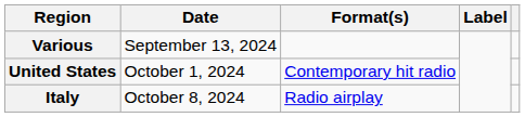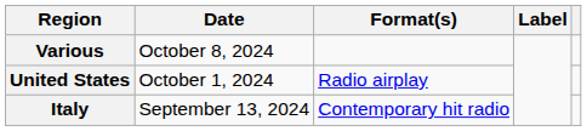 <table class="wikitable plainrowheaders">
 <tr>
 <th scope="col">Region</th>
 <th scope="col">Date</th>
 <th scope="col">Format(s)</th>
 <th scope="col">Label</th>
 <th scope="col"></th>
 </tr>
 <tr>
 <th scope="row">Various</th>
-<td>September 13, 2024</td>
+<td>October 8, 2024</td>
 <td></td>
 <td rowspan="3"></td>
 <td style="text-align:center"></td>
 </tr>
 <tr>
 <th scope="row">United States</th>
 <td>October 1, 2024</td>
-<td><a href='#'>Contemporary hit radio</a></td>
+<td><a href='#'>Radio airplay</a></td>
 <td style="text-align:center"></td>
 </tr>
 <tr>
 <th scope="row">Italy</th>
-<td>October 8, 2024</td>
-<td><a href='#'>Radio airplay</a></td>
+<td>September 13, 2024</td>
+<td><a href='#'>Contemporary hit radio</a></td>
 <td style="text-align:center"></td>
 </tr>
 </table>
